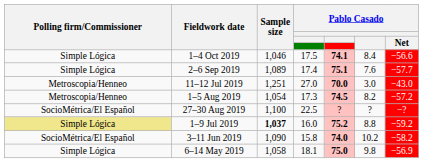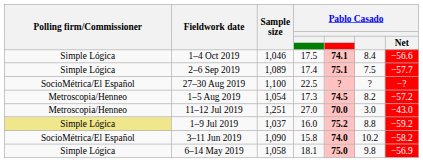 <table class="wikitable collapsible collapsed" style="text-align:center; font-size:90%; line-height:14px;">
 <tr style="height:42px;">
 <th style="width:250px;" rowspan="4">Polling firm/Commissioner</th>
 <th style="width:125px;" rowspan="4">Fieldwork date</th>
 <th style="width:50px;" rowspan="4">Sample size</th>
 <th style="width:185px;" colspan="4"><a href='#'>Pablo Casado</a><br></th>
 </tr>
 <tr>
 <th colspan="4" style="background:"></th>
 </tr>
 <tr>
 <th style="width:30px;"></th>
 <th style="width:30px;"></th>
 <th style="width:30px;" rowspan="2"></th>
 <th style="width:30px;" rowspan="2">Net</th>
 </tr>
 <tr>
 <th style="color:inherit;background:#008000;"></th>
 <th style="color:inherit;background:#FF0000;"></th>
 </tr>
 <tr>
 <td>Simple Lógica</td>
 <td>1–4 Oct 2019</td>
 <td>1,046</td>
 <td>17.5</td>
 <td style="background:#FFC2C1;"><strong>74.1</strong></td>
 <td>8.4</td>
 <td style="background:#FF0000; color:white;">−56.6</td>
 </tr>
 <tr>
 <td>Simple Lógica</td>
 <td>2–6 Sep 2019</td>
 <td>1,089</td>
 <td>17.4</td>
 <td style="background:#FFC2C1;"><strong>75.1</strong></td>
-<td>7.6</td>
+<td>7.5</td>
 <td style="background:#FF0000; color:white;">−57.7</td>
+</tr>
+<tr>
+<td>SocioMétrica/El Español</td>
+<td>27–30 Aug 2019</td>
+<td>1,100</td>
+<td>22.5</td>
+<td style="background:#FFC2C1;">?</td>
+<td>?</td>
+<td style="background:#FF0000; color:white;">−?</td>
+</tr>
+<tr>
+<td>Metroscopia/Henneo</td>
+<td>1–5 Aug 2019</td>
+<td>1,054</td>
+<td>17.3</td>
+<td style="background:#FFC2C1;"><strong>74.5</strong></td>
+<td>8.2</td>
+<td style="background:#FF0000; color:white;">−57.2</td>
 </tr>
 <tr>
 <td>Metroscopia/Henneo</td>
 <td>11–12 Jul 2019</td>
 <td>1,251</td>
 <td>27.0</td>
 <td style="background:#FFC2C1;"><strong>70.0</strong></td>
 <td>3.0</td>
 <td style="background:#FF0000; color:white;">−43.0</td>
 </tr>
 <tr>
-<td>Metroscopia/Henneo</td>
-<td>1–5 Aug 2019</td>
-<td>1,054</td>
-<td>17.3</td>
-<td style="background:#FFC2C1;"><strong>74.5</strong></td>
-<td>8.2</td>
-<td style="background:#FF0000; color:white;">−57.2</td>
-</tr>
-<tr>
-<td>SocioMétrica/El Español</td>
-<td>27–30 Aug 2019</td>
-<td>1,100</td>
-<td>22.5</td>
-<td style="background:#FFC2C1;">?</td>
-<td>?</td>
-<td style="background:#FF0000; color:white;">−?</td>
-</tr>
-<tr>
 <td style="background: khaki;">Simple Lógica</td>
 <td>1–9 Jul 2019</td>
-<td><strong>1,037</strong></td>
+<td>1,037</td>
 <td>16.0</td>
 <td style="background:#FFC2C1;"><strong>75.2</strong></td>
 <td>8.8</td>
 <td style="background:#FF0000; color:white;">−59.2</td>
 </tr>
 <tr>
 <td>SocioMétrica/El Español</td>
 <td>3–11 Jun 2019</td>
 <td>1,090</td>
 <td>15.8</td>
 <td style="background:#FFC2C1;"><strong>74.0</strong></td>
 <td>10.2</td>
 <td style="background:#FF0000; color:white;">−58.2</td>
 </tr>
 <tr>
 <td>Simple Lógica</td>
 <td>6–14 May 2019</td>
 <td>1,058</td>
 <td>18.1</td>
 <td style="background:#FFC2C1;"><strong>75.0</strong></td>
 <td>9.8</td>
 <td style="background:#FF0000; color:white;">−56.9</td>
 </tr>
 </table>
